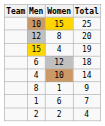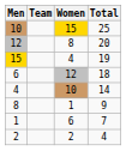 <table class="wikitable sortable" style="text-align:center">
 <tr>
+<th>Men</th>
 <th>Team</th>
-<th>Men</th>
 <th>Women</th>
 <th>Total</th>
 </tr>
 <tr>
+<td style="background:#CC9966">10</td>
 <td style="text-align:left"></td>
-<td style="background:#CC9966">10</td>
 <td style="background:gold">15</td>
 <td>25</td>
 </tr>
 <tr>
+<td style="background:silver">12</td>
 <td style="text-align:left"></td>
-<td style="background:silver">12</td>
 <td>8</td>
 <td>20</td>
 </tr>
 <tr>
+<td style="background:gold">15</td>
 <td style="text-align:left"></td>
-<td style="background:gold">15</td>
 <td>4</td>
 <td>19</td>
 </tr>
 <tr>
+<td>6</td>
 <td style="text-align:left"></td>
-<td>6</td>
 <td style="background:silver">12</td>
 <td>18</td>
 </tr>
 <tr>
+<td>4</td>
 <td style="text-align:left"style="text-align:left"></td>
-<td>4</td>
 <td style="background:#CC9966">10</td>
 <td>14</td>
 </tr>
 <tr>
+<td>8</td>
 <td style="text-align:left"></td>
-<td>8</td>
 <td>1</td>
 <td>9</td>
 </tr>
 <tr>
+<td>1</td>
 <td style="text-align:left"></td>
-<td>1</td>
 <td>6</td>
 <td>7</td>
 </tr>
 <tr>
+<td>2</td>
 <td style="text-align:left"></td>
-<td>2</td>
 <td>2</td>
 <td>4</td>
 </tr>
 </table>
